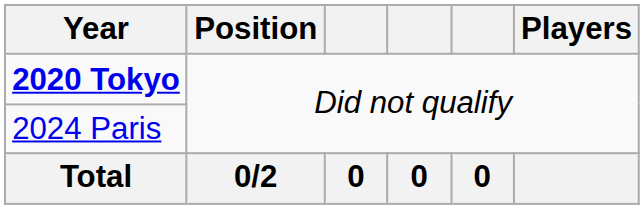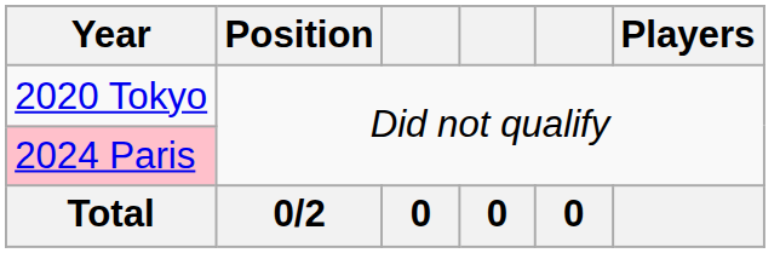 <table class="wikitable" style="text-align: center;">
 <tr>
 <th>Year</th>
 <th>Position</th>
 <th width=25px></th>
 <th width=25px></th>
 <th width=25px></th>
 <th>Players</th>
 </tr>
 <tr>
-<td style="text-align: left;"><strong> <a href='#'>2020 Tokyo</a></strong></td>
+<td style="text-align: left;"> <a href='#'>2020 Tokyo</a></td>
 <td colspan=5 rowspan=2><em>Did not qualify</em></td>
 </tr>
 <tr>
-<td style="text-align: left;"> <a href='#'>2024 Paris</a></td>
+<td style="background: pink; text-align: left;"> <a href='#'>2024 Paris</a></td>
 </tr>
 <tr>
 <th>Total</th>
 <th>0/2</th>
 <th>0</th>
 <th>0</th>
 <th>0</th>
 <th></th>
 </tr>
 </table>
